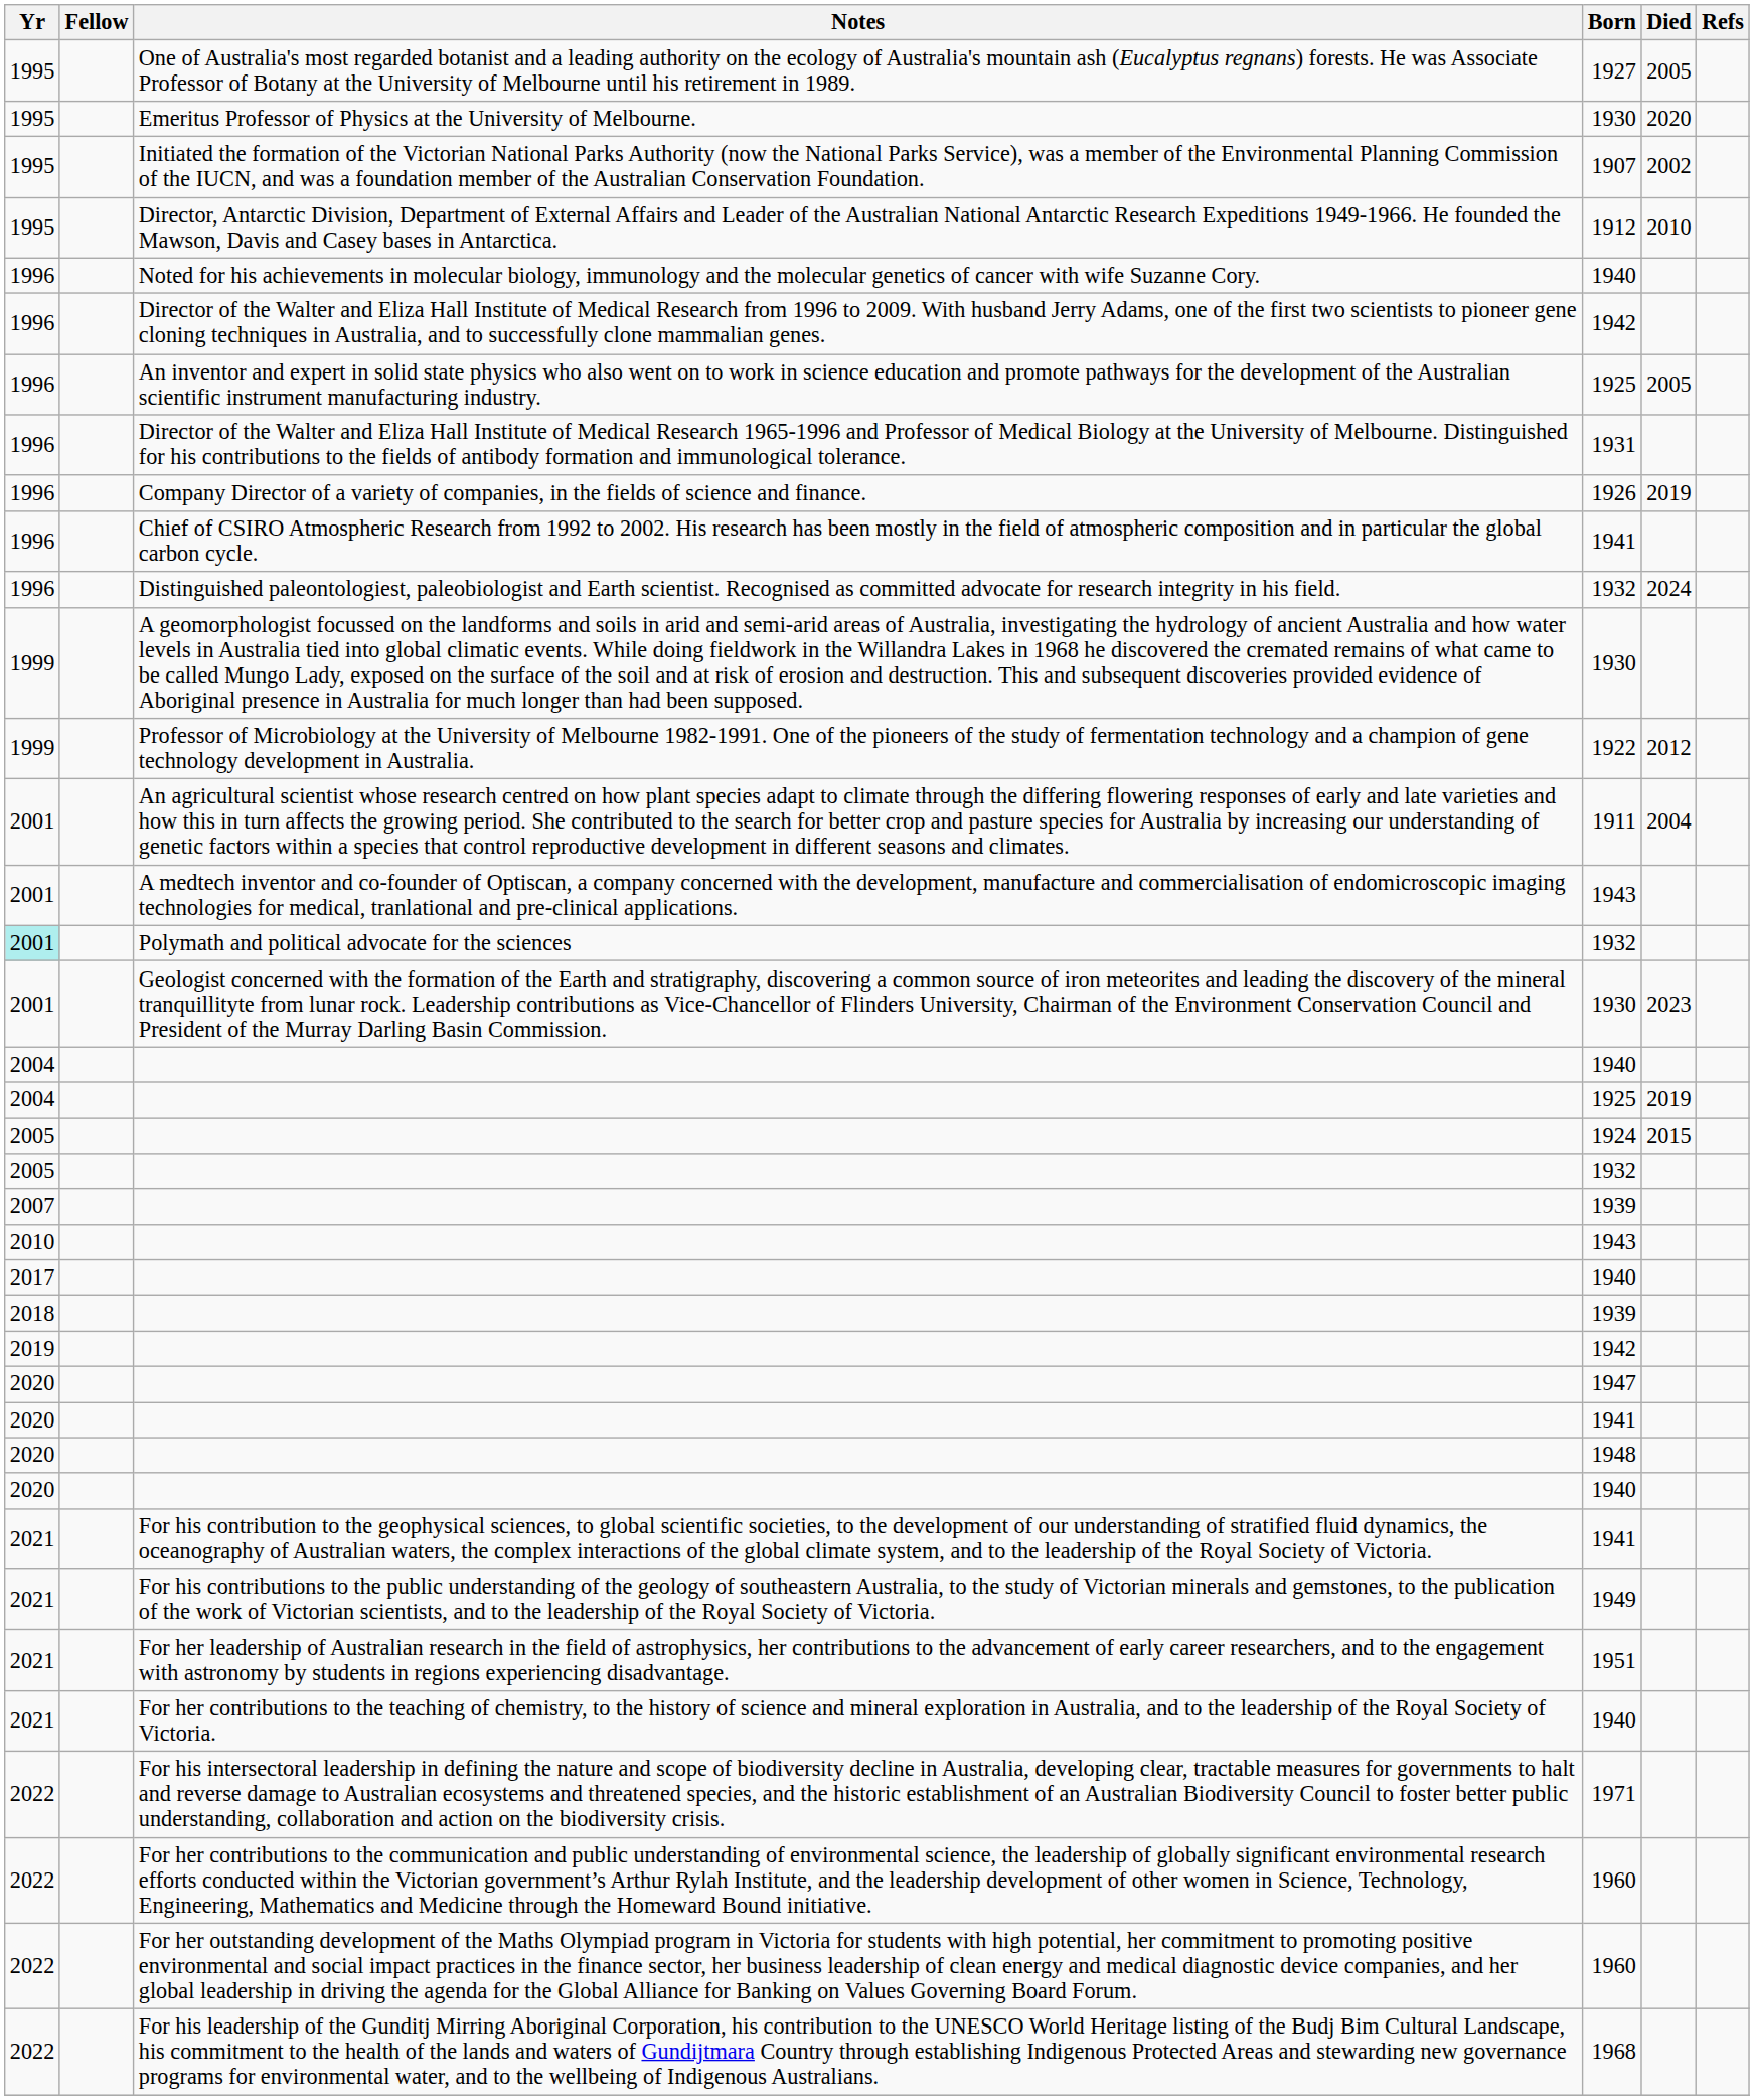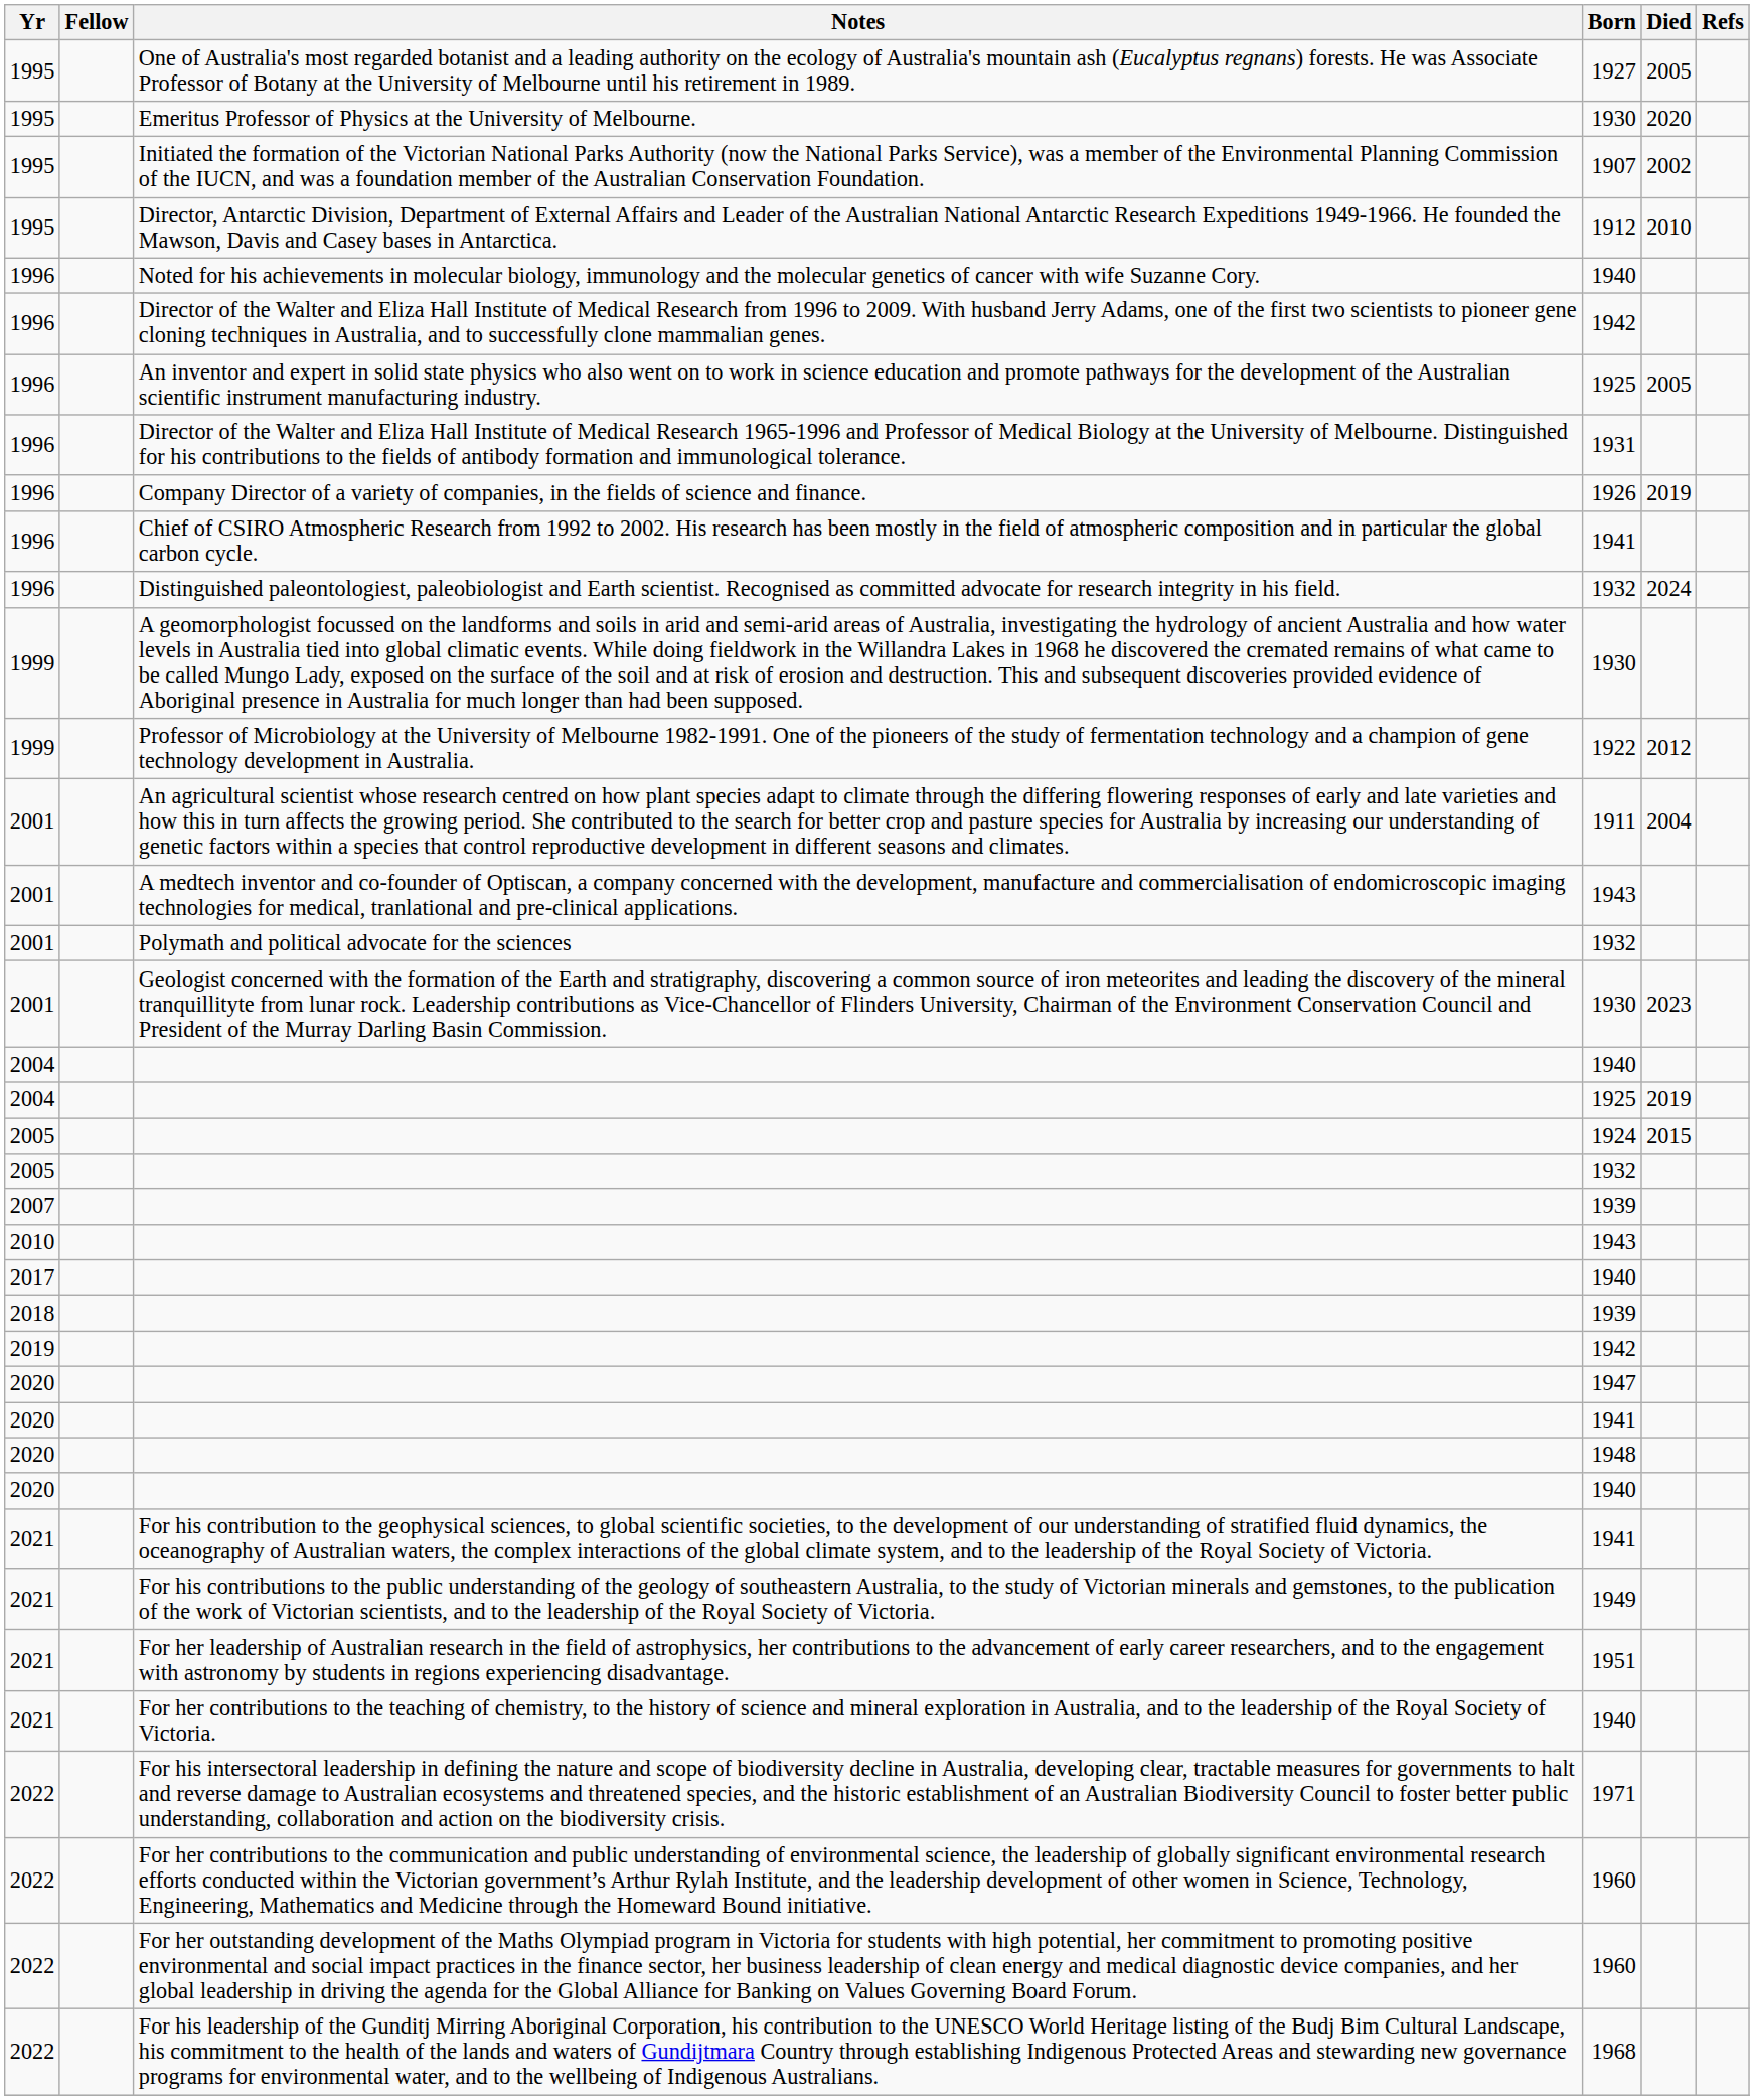 <table class="wikitable sortable">
 <tr>
 <th>Yr</th>
 <th>Fellow</th>
 <th>Notes</th>
 <th>Born</th>
 <th>Died</th>
 <th>Refs</th>
 </tr>
 <tr>
 <td align=right>1995</td>
 <td></td>
 <td>One of Australia's most regarded botanist and a leading authority on the ecology of Australia's mountain ash (<em>Eucalyptus regnans</em>) forests. He was Associate Professor of Botany at the University of Melbourne until his retirement in 1989.</td>
 <td align=right>1927</td>
 <td align=right>2005</td>
 <td></td>
 </tr>
 <tr>
 <td align=right>1995</td>
 <td></td>
 <td>Emeritus Professor of Physics at the University of Melbourne.</td>
 <td align=right>1930</td>
 <td align="right">2020</td>
 <td></td>
 </tr>
 <tr>
 <td align=right>1995</td>
 <td></td>
 <td>Initiated the formation of the Victorian National Parks Authority (now the National Parks Service), was a member of the Environmental Planning Commission of the IUCN, and was a foundation member of the Australian Conservation Foundation.</td>
 <td align=right>1907</td>
 <td align=right>2002</td>
 <td></td>
 </tr>
 <tr>
 <td align=right>1995</td>
 <td></td>
 <td>Director, Antarctic Division, Department of External Affairs and Leader of the Australian National Antarctic Research Expeditions 1949-1966. He founded the Mawson, Davis and Casey bases in Antarctica.</td>
 <td align=right>1912</td>
 <td align=right>2010</td>
 <td></td>
 </tr>
 <tr>
 <td align=right>1996</td>
 <td></td>
 <td>Noted for his achievements in molecular biology, immunology and the molecular genetics of cancer with wife Suzanne Cory.</td>
 <td align=right>1940</td>
 <td align=right></td>
 <td></td>
 </tr>
 <tr>
 <td align=right>1996</td>
 <td></td>
 <td>Director of the Walter and Eliza Hall Institute of Medical Research from 1996 to 2009. With husband Jerry Adams, one of the first two scientists to pioneer gene cloning techniques in Australia, and to successfully clone mammalian genes.</td>
 <td align=right>1942</td>
 <td align=right></td>
 <td></td>
 </tr>
 <tr>
 <td align=right>1996</td>
 <td></td>
 <td>An inventor and expert in solid state physics who also went on to work in science education and promote pathways for the development of the Australian scientific instrument manufacturing industry.</td>
 <td align=right>1925</td>
 <td align="right">2005</td>
 <td></td>
 </tr>
 <tr>
 <td align=right>1996</td>
 <td></td>
 <td>Director of the Walter and Eliza Hall Institute of Medical Research 1965-1996 and Professor of Medical Biology at the University of Melbourne. Distinguished for his contributions to the fields of antibody formation and immunological tolerance.</td>
 <td align=right>1931</td>
 <td align=right></td>
 <td></td>
 </tr>
 <tr>
 <td align=right>1996</td>
 <td></td>
 <td>Company Director of a variety of companies, in the fields of science and finance.</td>
 <td align=right>1926</td>
 <td align=right>2019</td>
 <td></td>
 </tr>
 <tr>
 <td align=right>1996</td>
 <td></td>
 <td>Chief of CSIRO Atmospheric Research from 1992 to 2002. His research has been mostly in the field of atmospheric composition and in particular the global carbon cycle.</td>
 <td align=right>1941</td>
 <td align=right></td>
 <td></td>
 </tr>
 <tr>
 <td align=right>1996</td>
 <td></td>
 <td>Distinguished paleontologiest, paleobiologist and Earth scientist. Recognised as committed advocate for research integrity in his field.</td>
 <td align=right>1932</td>
 <td align=right>2024</td>
 <td></td>
 </tr>
 <tr>
 <td align=right>1999</td>
 <td></td>
 <td>A geomorphologist focussed on the landforms and soils in arid and semi-arid areas of Australia, investigating the hydrology of ancient Australia and how water levels in Australia tied into global climatic events. While doing fieldwork in the Willandra Lakes in 1968 he discovered the cremated remains of what came to be called Mungo Lady, exposed on the surface of the soil and at risk of erosion and destruction. This and subsequent discoveries provided evidence of Aboriginal presence in Australia for much longer than had been supposed.</td>
 <td align=right>1930</td>
 <td align="right"></td>
 <td></td>
 </tr>
 <tr>
 <td align=right>1999</td>
 <td></td>
 <td>Professor of Microbiology at the University of Melbourne 1982-1991. One of the pioneers of the study of fermentation technology and a champion of gene technology development in Australia.</td>
 <td align=right>1922</td>
 <td align=right>2012</td>
 <td></td>
 </tr>
 <tr>
 <td align=right>2001</td>
 <td></td>
 <td>An agricultural scientist whose research centred on how plant species adapt to climate through the differing flowering responses of early and late varieties and how this in turn affects the growing period. She contributed to the search for better crop and pasture species for Australia by increasing our understanding of genetic factors within a species that control reproductive development in different seasons and climates.</td>
 <td align=right>1911</td>
 <td align=right>2004</td>
 <td></td>
 </tr>
 <tr>
 <td align=right>2001</td>
 <td></td>
 <td>A medtech inventor and co-founder of Optiscan, a company concerned with the development, manufacture and commercialisation of endomicroscopic imaging technologies for medical, tranlational and pre-clinical applications.</td>
 <td align=right>1943</td>
 <td align=right></td>
 <td></td>
 </tr>
 <tr>
-<td align=right style="background: paleturquoise;">2001</td>
+<td align=right>2001</td>
 <td></td>
 <td>Polymath and political advocate for the sciences</td>
 <td align=right>1932</td>
 <td align=right></td>
 <td></td>
 </tr>
 <tr>
 <td align=right>2001</td>
 <td></td>
 <td>Geologist concerned with the formation of the Earth and stratigraphy, discovering a common source of iron meteorites and leading the discovery of the mineral tranquillityte from lunar rock. Leadership contributions as Vice-Chancellor of Flinders University, Chairman of the Environment Conservation Council and President of the Murray Darling Basin Commission.</td>
 <td align=right>1930</td>
 <td align=right>2023</td>
 <td></td>
 </tr>
 <tr>
 <td align=right>2004</td>
 <td></td>
 <td></td>
 <td align=right>1940</td>
 <td align=right></td>
 <td></td>
 </tr>
 <tr>
 <td align=right>2004</td>
 <td></td>
 <td></td>
 <td align=right>1925</td>
 <td align=right>2019</td>
 <td></td>
 </tr>
 <tr>
 <td align=right>2005</td>
 <td></td>
 <td></td>
 <td align=right>1924</td>
 <td align="right">2015</td>
 <td></td>
 </tr>
 <tr>
 <td align=right>2005</td>
 <td></td>
 <td></td>
 <td align=right>1932</td>
 <td align=right></td>
 <td></td>
 </tr>
 <tr>
 <td align=right>2007</td>
 <td></td>
 <td></td>
 <td align=right>1939</td>
 <td align=right></td>
 <td></td>
 </tr>
 <tr>
 <td align=right>2010</td>
 <td></td>
 <td></td>
 <td align=right>1943</td>
 <td align=right></td>
 <td></td>
 </tr>
 <tr>
 <td align=right>2017</td>
 <td></td>
 <td></td>
 <td align=right>1940</td>
 <td align=right></td>
 <td></td>
 </tr>
 <tr>
 <td align=right>2018</td>
 <td></td>
 <td></td>
 <td align=right>1939</td>
 <td align=right></td>
 <td></td>
 </tr>
 <tr>
 <td align=right>2019</td>
 <td></td>
 <td></td>
 <td align=right>1942</td>
 <td align=right></td>
 <td></td>
 </tr>
 <tr>
 <td align=right>2020</td>
 <td></td>
 <td></td>
 <td align=right>1947</td>
 <td align=right></td>
 <td></td>
 </tr>
 <tr>
 <td align=right>2020</td>
 <td></td>
 <td></td>
 <td align=right>1941</td>
 <td align=right></td>
 <td></td>
 </tr>
 <tr>
 <td align=right>2020</td>
 <td></td>
 <td></td>
 <td align=right>1948</td>
 <td align=right></td>
 <td></td>
 </tr>
 <tr>
 <td align=right>2020</td>
 <td></td>
 <td></td>
 <td align=right>1940</td>
 <td align=right></td>
 <td></td>
 </tr>
 <tr>
 <td align=right>2021</td>
 <td></td>
 <td>For his contribution to the geophysical sciences, to global scientific societies, to the development of our understanding of stratified fluid dynamics, the oceanography of Australian waters, the complex interactions of the global climate system, and to the leadership of the Royal Society of Victoria.</td>
 <td align=right>1941</td>
 <td align=right></td>
 <td></td>
 </tr>
 <tr>
 <td align=right>2021</td>
 <td></td>
 <td>For his contributions to the public understanding of the geology of southeastern Australia, to the study of Victorian minerals and gemstones, to the publication of the work of Victorian scientists, and to the leadership of the Royal Society of Victoria.</td>
 <td align=right>1949</td>
 <td align=right></td>
 <td></td>
 </tr>
 <tr>
 <td align=right>2021</td>
 <td></td>
 <td>For her leadership of Australian research in the field of astrophysics, her contributions to the advancement of early career researchers, and to the engagement with astronomy by students in regions experiencing disadvantage.</td>
 <td align=right>1951</td>
 <td align="right"></td>
 <td></td>
 </tr>
 <tr>
 <td align=right>2021</td>
 <td></td>
 <td>For her contributions to the teaching of chemistry, to the history of science and mineral exploration in Australia, and to the leadership of the Royal Society of Victoria.</td>
 <td align=right>1940</td>
 <td align=right></td>
 <td></td>
 </tr>
 <tr>
 <td align=right>2022</td>
 <td></td>
 <td>For his intersectoral leadership in defining the nature and scope of biodiversity decline in Australia, developing clear, tractable measures for governments to halt and reverse damage to Australian ecosystems and threatened species, and the historic establishment of an Australian Biodiversity Council to foster better public understanding, collaboration and action on the biodiversity crisis.</td>
 <td align=right>1971</td>
 <td align=right></td>
 <td></td>
 </tr>
 <tr>
 <td align=right>2022</td>
 <td></td>
 <td>For her contributions to the communication and public understanding of environmental science, the leadership of globally significant environmental research efforts conducted within the Victorian government’s Arthur Rylah Institute, and the leadership development of other women in Science, Technology, Engineering, Mathematics and Medicine through the Homeward Bound initiative.</td>
 <td align=right>1960</td>
 <td align=right></td>
 <td></td>
 </tr>
 <tr>
 <td align=right>2022</td>
 <td></td>
 <td>For her outstanding development of the Maths Olympiad program in Victoria for students with high potential, her commitment to promoting positive environmental and social impact practices in the finance sector, her business leadership of clean energy and medical diagnostic device companies, and her global leadership in driving the agenda for the Global Alliance for Banking on Values Governing Board Forum.</td>
 <td align=right>1960</td>
 <td align=right></td>
 <td></td>
 </tr>
 <tr>
 <td align=right>2022</td>
 <td></td>
 <td>For his leadership of the Gunditj Mirring Aboriginal Corporation, his contribution to the UNESCO World Heritage listing of the Budj Bim Cultural Landscape, his commitment to the health of the lands and waters of <a href='#'>Gundijtmara</a> Country through establishing Indigenous Protected Areas and stewarding new governance programs for environmental water, and to the wellbeing of Indigenous Australians.</td>
 <td align=right>1968</td>
 <td align=right></td>
 <td></td>
 </tr>
 <tr>
 </tr>
 </table>
